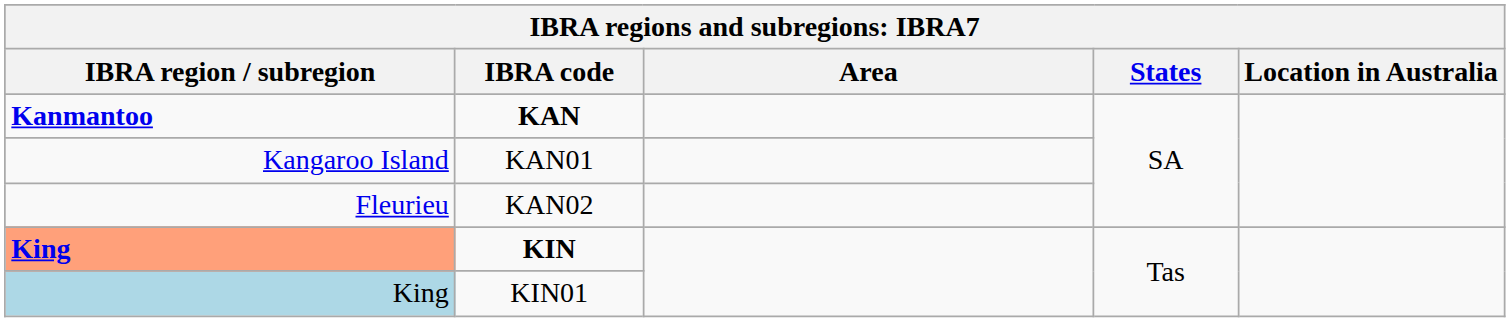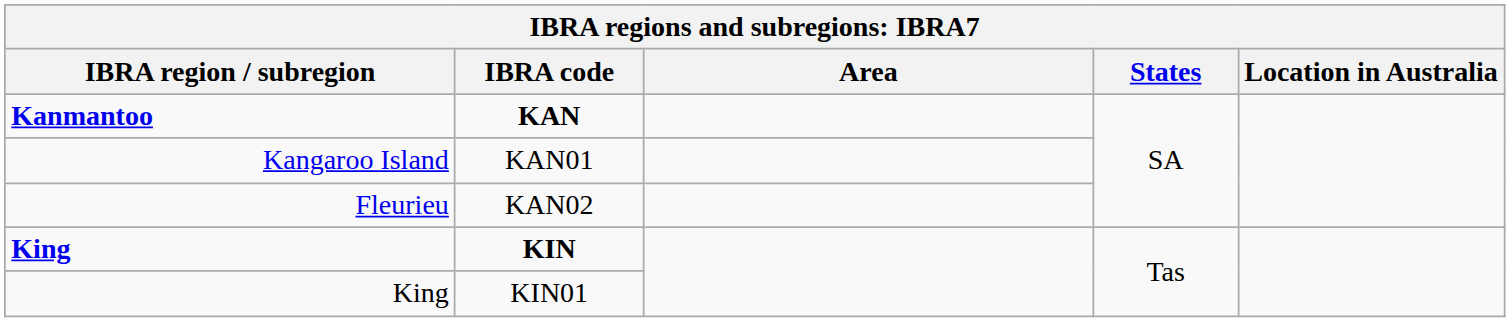 <table class="wikitable sortable">
 <tr>
 <th rowwidth=100px colspan=5>IBRA regions and subregions: IBRA7</th>
 </tr>
 <tr>
 <th scope="col" style="width:250px;">IBRA region / subregion</th>
 <th scope="col" style="width:100px;">IBRA code</th>
 <th scope="col" style="width:250px;">Area</th>
 <th scope="col" style="width:75px;"><a href='#'>States</a></th>
 <th>Location in Australia</th>
 </tr>
 <tr>
 <td><strong><a href='#'>Kanmantoo</a></strong></td>
 <td style="text-align:center;"><strong>KAN</strong></td>
 <td align="right"><strong></strong></td>
 <td style="text-align:center;" rowspan="3">SA</td>
 <td style="text-align:center;" rowspan="3"></td>
 </tr>
 <tr>
 <td align="right"><a href='#'>Kangaroo Island</a></td>
 <td style="text-align:center;">KAN01</td>
 <td align="right"></td>
 </tr>
 <tr>
 <td align="right"><a href='#'>Fleurieu</a></td>
 <td style="text-align:center;">KAN02</td>
 <td align="right"></td>
 </tr>
 <tr>
-<td style="background: lightsalmon;"><strong><a href='#'>King</a></strong></td>
+<td><strong><a href='#'>King</a></strong></td>
 <td style="text-align:center;"><strong>KIN</strong></td>
 <td style="text-align:right;" rowspan="2"><strong></strong></td>
 <td style="text-align:center;" rowspan="2">Tas</td>
 <td style="text-align:center;" rowspan="2"></td>
 </tr>
 <tr>
-<td align="right" style="background: lightblue;">King</td>
+<td align="right">King</td>
 <td style="text-align:center;">KIN01</td>
 </tr>
 </table>
